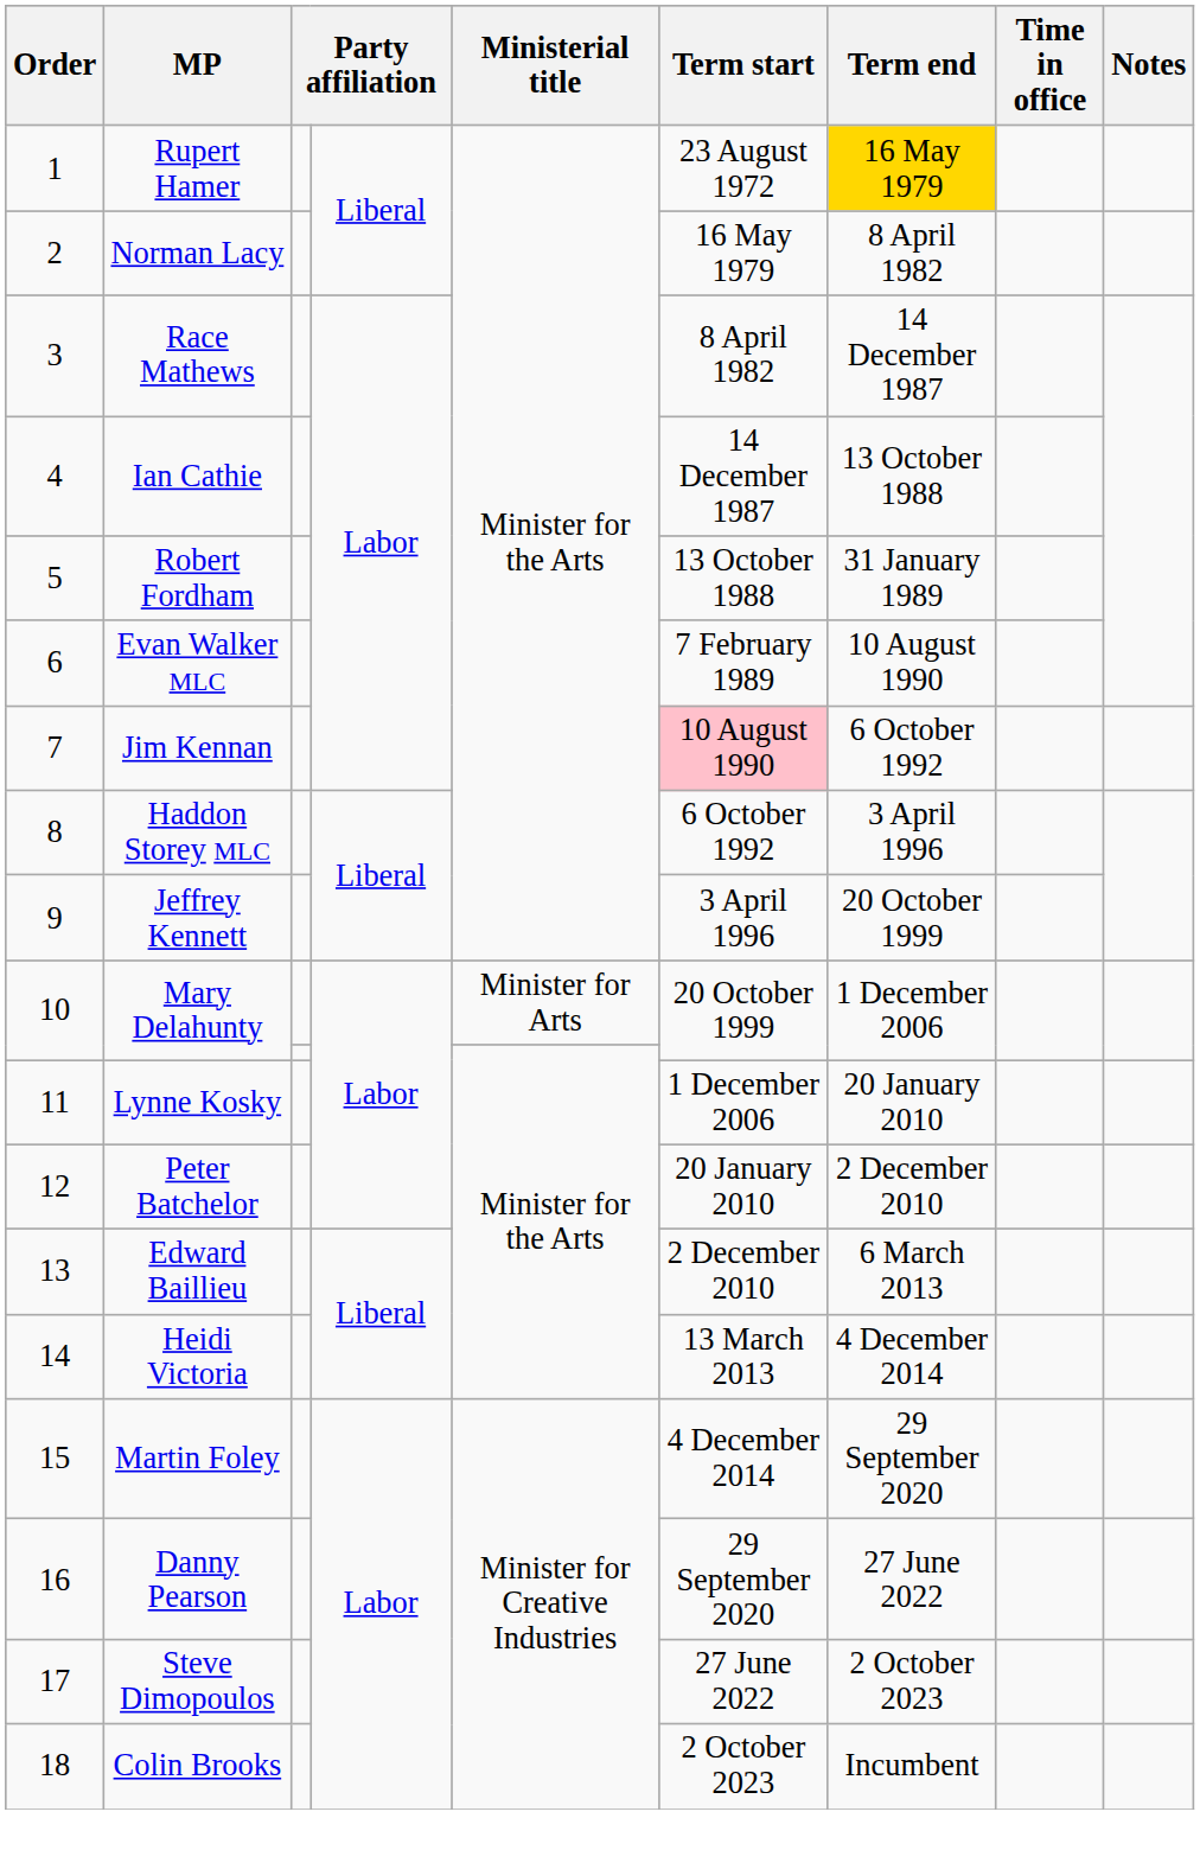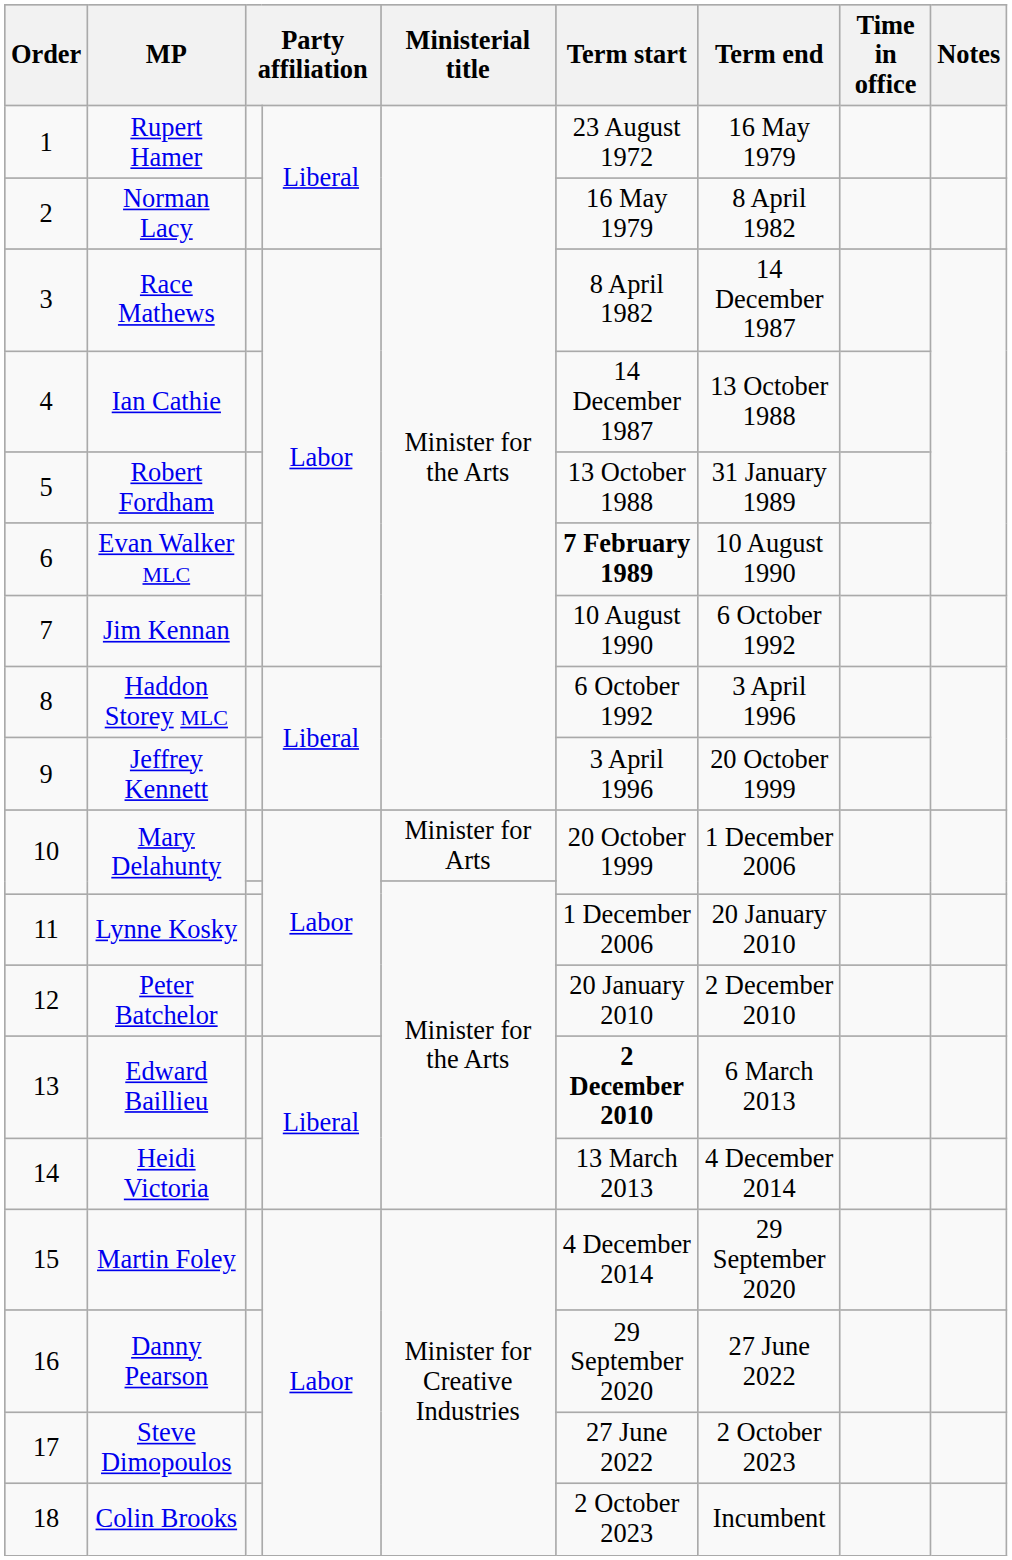 <table class="wikitable" style="text-align:center">
 <tr>
 <th>Order</th>
 <th>MP</th>
 <th colspan="2">Party affiliation</th>
 <th>Ministerial title</th>
 <th>Term start</th>
 <th>Term end</th>
 <th>Time in office</th>
 <th>Notes</th>
 </tr>
 <tr>
 <td>1</td>
 <td><a href='#'>Rupert Hamer</a> </td>
 <td></td>
 <td rowspan="2"><a href='#'>Liberal</a></td>
 <td rowspan="9">Minister for the Arts</td>
 <td>23 August 1972</td>
-<td style="background: gold;">16 May 1979</td>
+<td>16 May 1979</td>
 <td></td>
 <td></td>
 </tr>
 <tr>
 <td>2</td>
 <td><a href='#'>Norman Lacy</a> </td>
 <td></td>
 <td>16 May 1979</td>
 <td>8 April 1982</td>
 <td></td>
 <td></td>
 </tr>
 <tr>
 <td>3</td>
 <td><a href='#'>Race Mathews</a> </td>
 <td></td>
 <td rowspan="5"><a href='#'>Labor</a></td>
 <td>8 April 1982</td>
 <td>14 December 1987</td>
 <td></td>
 <td rowspan="4"></td>
 </tr>
 <tr>
 <td>4</td>
 <td><a href='#'>Ian Cathie</a> </td>
 <td></td>
 <td>14 December 1987</td>
 <td>13 October 1988</td>
 <td></td>
 </tr>
 <tr>
 <td>5</td>
 <td><a href='#'>Robert Fordham</a> </td>
 <td></td>
 <td>13 October 1988</td>
 <td>31 January 1989</td>
 <td></td>
 </tr>
 <tr>
 <td>6</td>
 <td><a href='#'>Evan Walker</a> <a href='#'><small>MLC</small></a></td>
 <td></td>
-<td>7 February 1989</td>
+<td><strong>7 February 1989</strong></td>
 <td>10 August 1990</td>
 <td></td>
 </tr>
 <tr>
 <td>7</td>
 <td><a href='#'>Jim Kennan</a> </td>
 <td></td>
-<td style="background: pink;">10 August 1990</td>
+<td>10 August 1990</td>
 <td>6 October 1992</td>
 <td></td>
 <td></td>
 </tr>
 <tr>
 <td>8</td>
 <td><a href='#'>Haddon Storey</a> <a href='#'><small>MLC</small></a></td>
 <td></td>
 <td rowspan="2"><a href='#'>Liberal</a></td>
 <td>6 October 1992</td>
 <td>3 April 1996</td>
 <td></td>
 <td rowspan="2"></td>
 </tr>
 <tr>
 <td>9</td>
 <td><a href='#'>Jeffrey Kennett</a> </td>
 <td></td>
 <td>3 April 1996</td>
 <td>20 October 1999</td>
 <td></td>
 </tr>
 <tr>
 <td rowspan="2">10</td>
 <td rowspan="2"><a href='#'>Mary Delahunty</a> </td>
 <td></td>
 <td rowspan="4"><a href='#'>Labor</a></td>
 <td>Minister for Arts</td>
 <td rowspan="2">20 October 1999</td>
 <td rowspan="2">1 December 2006</td>
 <td rowspan="2"></td>
 <td rowspan="2"></td>
 </tr>
 <tr>
 <td></td>
 <td rowspan="5">Minister for the Arts</td>
 </tr>
 <tr>
 <td>11</td>
 <td><a href='#'>Lynne Kosky</a> </td>
 <td></td>
 <td>1 December 2006</td>
 <td>20 January 2010</td>
 <td></td>
 <td></td>
 </tr>
 <tr>
 <td>12</td>
 <td><a href='#'>Peter Batchelor</a> </td>
 <td></td>
 <td>20 January 2010</td>
 <td>2 December 2010</td>
 <td></td>
 <td></td>
 </tr>
 <tr>
 <td>13</td>
 <td><a href='#'>Edward Baillieu</a> </td>
 <td></td>
 <td rowspan="2"><a href='#'>Liberal</a></td>
-<td>2 December 2010</td>
+<td><strong>2 December 2010</strong></td>
 <td>6 March 2013</td>
 <td></td>
 <td></td>
 </tr>
 <tr>
 <td>14</td>
 <td><a href='#'>Heidi Victoria</a> </td>
 <td></td>
 <td>13 March 2013</td>
 <td>4 December 2014</td>
 <td></td>
 <td></td>
 </tr>
 <tr>
 <td>15</td>
 <td><a href='#'>Martin Foley</a> </td>
 <td></td>
 <td rowspan="4"><a href='#'>Labor</a></td>
 <td rowspan="4">Minister for Creative Industries</td>
 <td>4 December 2014</td>
 <td>29 September 2020</td>
 <td></td>
 <td></td>
 </tr>
 <tr>
 <td>16</td>
 <td><a href='#'>Danny Pearson</a> </td>
 <td></td>
 <td>29 September 2020</td>
 <td>27 June 2022</td>
 <td></td>
 <td></td>
 </tr>
 <tr>
 <td>17</td>
 <td><a href='#'>Steve Dimopoulos</a> </td>
 <td></td>
 <td>27 June 2022</td>
 <td>2 October 2023</td>
 <td></td>
 <td></td>
 </tr>
 <tr>
 <td>18</td>
 <td><a href='#'>Colin Brooks</a> </td>
 <td></td>
 <td>2 October 2023</td>
 <td>Incumbent</td>
 <td></td>
 <td></td>
 </tr>
 </table>
